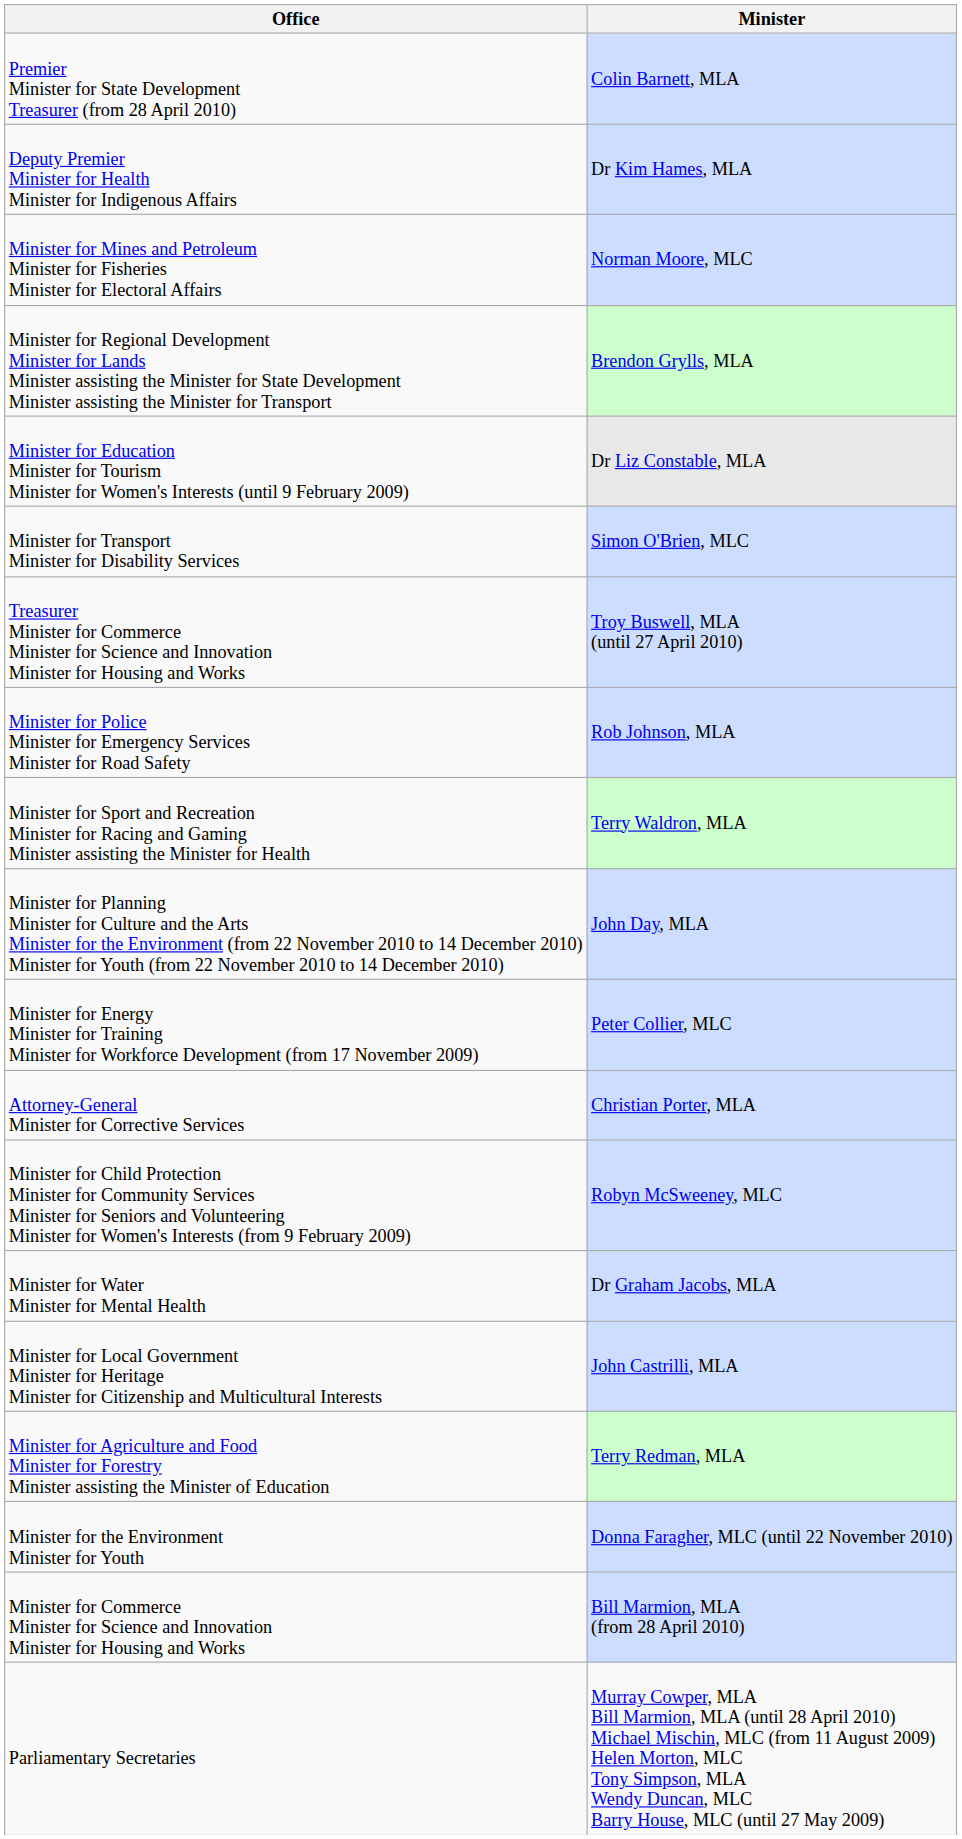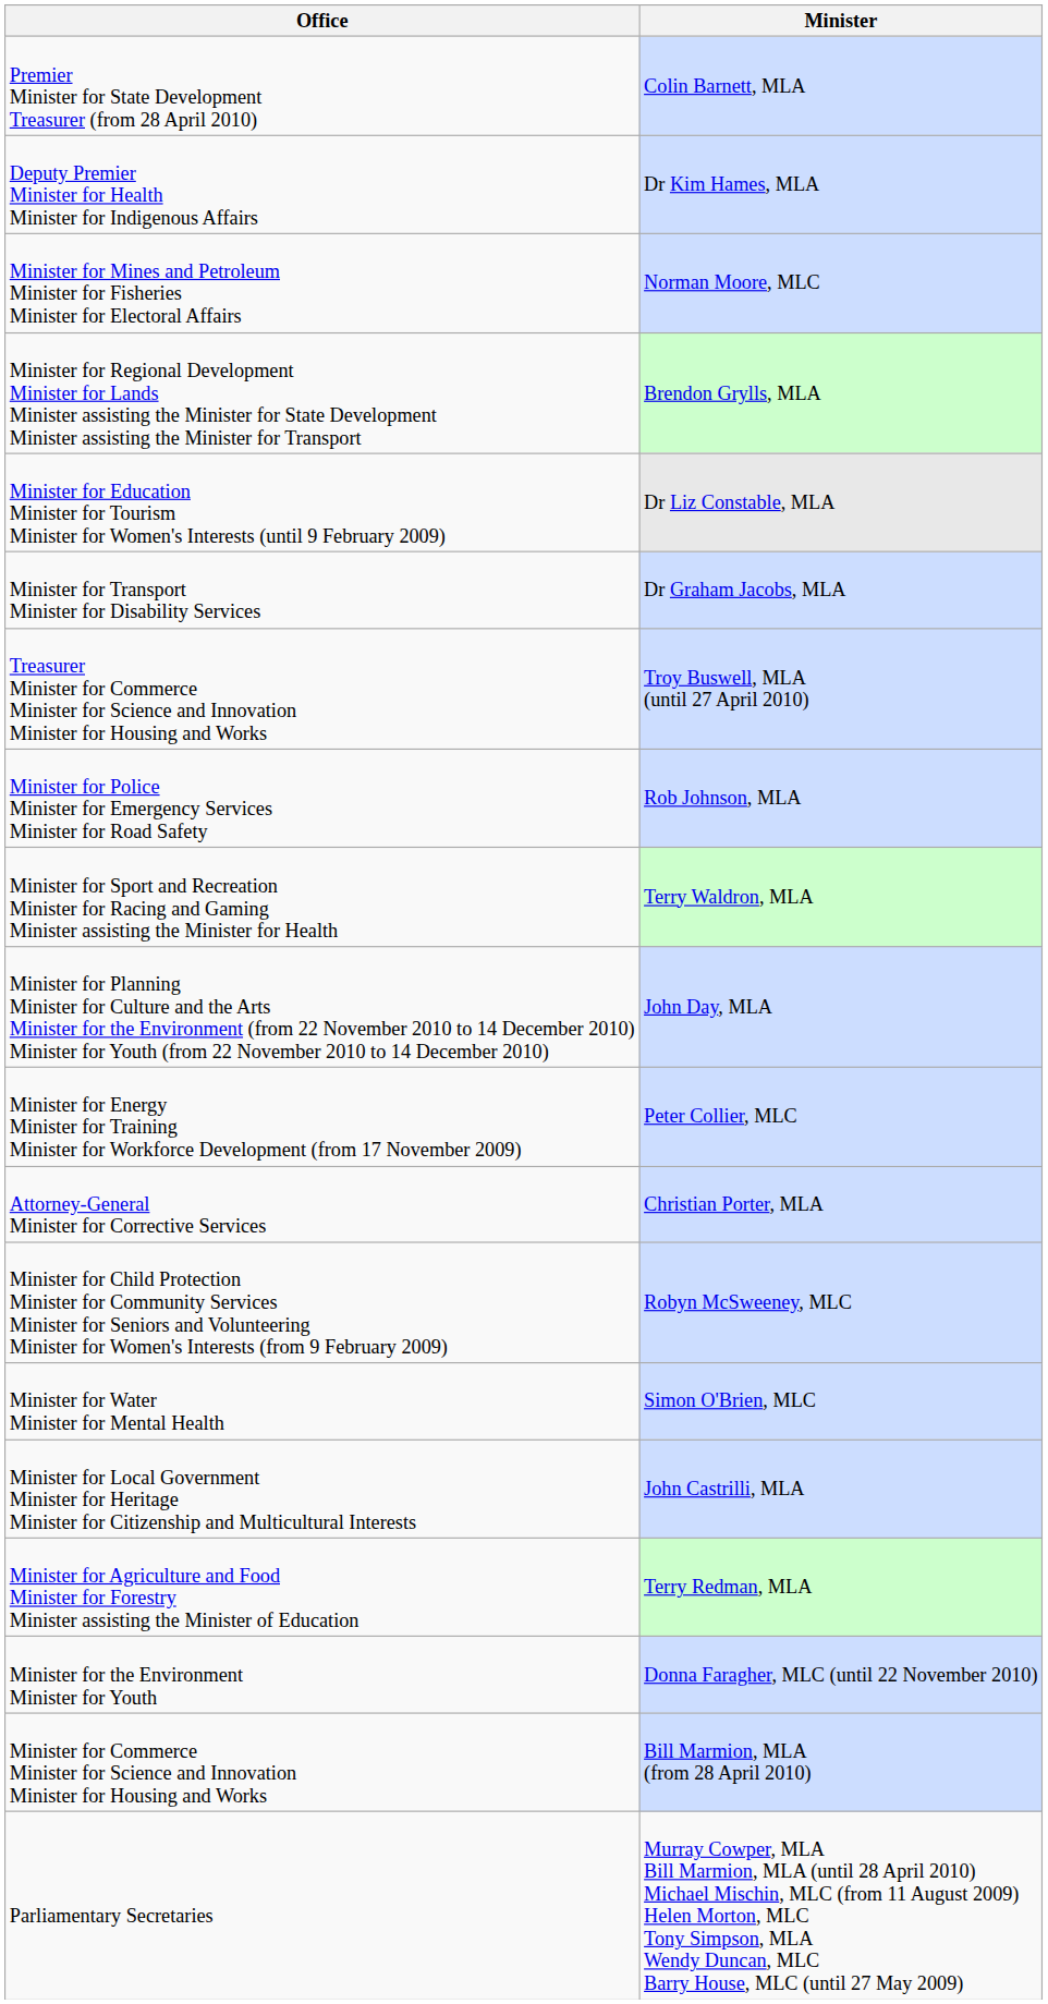 <table class="wikitable sortable">
 <tr>
 <th>Office</th>
 <th>Minister</th>
 </tr>
 <tr>
 <td><br><a href='#'>Premier</a><br> Minister for State Development<br> <a href='#'>Treasurer</a> (from 28 April 2010)</td>
 <td style="background:#CCDDFF"><a href='#'>Colin Barnett</a>, MLA</td>
 </tr>
 <tr>
 <td><br><a href='#'>Deputy Premier</a><br> <a href='#'>Minister for Health</a><br> Minister for Indigenous Affairs</td>
 <td style="background:#CCDDFF">Dr <a href='#'>Kim Hames</a>, MLA</td>
 </tr>
 <tr>
 <td><br><a href='#'>Minister for Mines and Petroleum</a><br> Minister for Fisheries<br> Minister for Electoral Affairs</td>
 <td style="background:#CCDDFF"><a href='#'>Norman Moore</a>, MLC</td>
 </tr>
 <tr>
 <td><br>Minister for Regional Development<br> <a href='#'>Minister for Lands</a><br> Minister assisting the Minister for State Development<br> Minister assisting the Minister for Transport<br></td>
 <td style="background:#CCFFCC"><a href='#'>Brendon Grylls</a>, MLA</td>
 </tr>
 <tr>
 <td><br><a href='#'>Minister for Education</a><br> Minister for Tourism<br> Minister for Women's Interests (until 9 February 2009)</td>
 <td style="background:#E8E8E8">Dr <a href='#'>Liz Constable</a>, MLA</td>
 </tr>
 <tr>
 <td><br>Minister for Transport<br> Minister for Disability Services</td>
-<td style="background:#CCDDFF"><a href='#'>Simon O'Brien</a>, MLC</td>
+<td style="background:#CCDDFF">Dr <a href='#'>Graham Jacobs</a>, MLA</td>
 </tr>
 <tr>
 <td><br><a href='#'>Treasurer</a><br> Minister for Commerce<br> Minister for Science and Innovation<br> Minister for Housing and Works</td>
 <td style="background:#CCDDFF"><a href='#'>Troy Buswell</a>, MLA<br>(until 27 April 2010)</td>
 </tr>
 <tr>
 <td><br><a href='#'>Minister for Police</a><br> Minister for Emergency Services<br> Minister for Road Safety</td>
 <td style="background:#CCDDFF"><a href='#'>Rob Johnson</a>, MLA</td>
 </tr>
 <tr>
 <td><br>Minister for Sport and Recreation<br> Minister for Racing and Gaming<br> Minister assisting the Minister for Health</td>
 <td style="background:#CCFFCC"><a href='#'>Terry Waldron</a>, MLA</td>
 </tr>
 <tr>
 <td><br>Minister for Planning<br> Minister for Culture and the Arts<br> <a href='#'>Minister for the Environment</a> (from 22 November 2010 to 14 December 2010)<br> Minister for Youth (from 22 November 2010 to 14 December 2010)</td>
 <td style="background:#CCDDFF"><a href='#'>John Day</a>, MLA</td>
 </tr>
 <tr>
 <td><br>Minister for Energy<br> Minister for Training<br> Minister for Workforce Development (from 17 November 2009)</td>
 <td style="background:#CCDDFF"><a href='#'>Peter Collier</a>, MLC</td>
 </tr>
 <tr>
 <td><br><a href='#'>Attorney-General</a><br> Minister for Corrective Services</td>
 <td style="background:#CCDDFF"><a href='#'>Christian Porter</a>, MLA</td>
 </tr>
 <tr>
 <td><br>Minister for Child Protection<br> Minister for Community Services<br> Minister for Seniors and Volunteering<br> Minister for Women's Interests (from 9 February 2009)</td>
 <td style="background:#CCDDFF"><a href='#'>Robyn McSweeney</a>, MLC</td>
 </tr>
 <tr>
 <td><br>Minister for Water<br> Minister for Mental Health</td>
-<td style="background:#CCDDFF">Dr <a href='#'>Graham Jacobs</a>, MLA</td>
+<td style="background:#CCDDFF"><a href='#'>Simon O'Brien</a>, MLC</td>
 </tr>
 <tr>
 <td><br>Minister for Local Government<br> Minister for Heritage<br> Minister for Citizenship and Multicultural Interests</td>
 <td style="background:#CCDDFF"><a href='#'>John Castrilli</a>, MLA</td>
 </tr>
 <tr>
 <td><br><a href='#'>Minister for Agriculture and Food</a><br> <a href='#'>Minister for Forestry</a><br> Minister assisting the Minister of Education</td>
 <td style="background:#CCFFCC"><a href='#'>Terry Redman</a>, MLA</td>
 </tr>
 <tr>
 <td><br>Minister for the Environment<br> Minister for Youth</td>
 <td style="background:#CCDDFF"><a href='#'>Donna Faragher</a>, MLC (until 22 November 2010)</td>
 </tr>
 <tr>
 <td><br>Minister for Commerce<br> Minister for Science and Innovation<br> Minister for Housing and Works</td>
 <td style="background:#CCDDFF"><a href='#'>Bill Marmion</a>, MLA<br>(from 28 April 2010)</td>
 </tr>
 <tr>
 <td><br>Parliamentary Secretaries</td>
 <td><br><span><a href='#'>Murray Cowper</a>, MLA<br> <a href='#'>Bill Marmion</a>, MLA (until 28 April 2010)<br> <a href='#'>Michael Mischin</a>, MLC (from 11 August 2009)<br> <a href='#'>Helen Morton</a>, MLC<br> <a href='#'>Tony Simpson</a>, MLA<br></span> <span><a href='#'>Wendy Duncan</a>, MLC</span><br> <span><a href='#'>Barry House</a>, MLC (until 27 May 2009)</span></td>
 </tr>
 </table>
